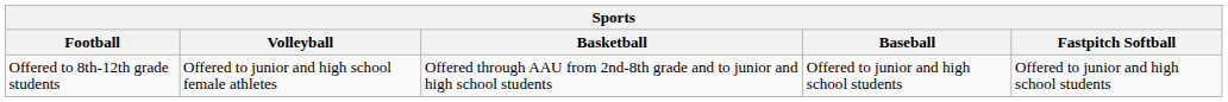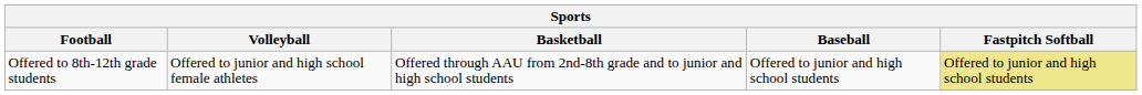 <table class="wikitable">
 <tr>
 <th colspan="5">Sports</th>
 </tr>
 <tr>
 <th>Football</th>
 <th>Volleyball</th>
 <th>Basketball</th>
 <th>Baseball</th>
 <th>Fastpitch Softball</th>
 </tr>
 <tr>
 <td>Offered to 8th-12th grade students</td>
 <td>Offered to junior and high school female athletes</td>
 <td>Offered through AAU from 2nd-8th grade and to junior and high school students</td>
 <td>Offered to junior and high school students</td>
-<td>Offered to junior and high school students</td>
+<td style="background: khaki;">Offered to junior and high school students</td>
 </tr>
 </table>
